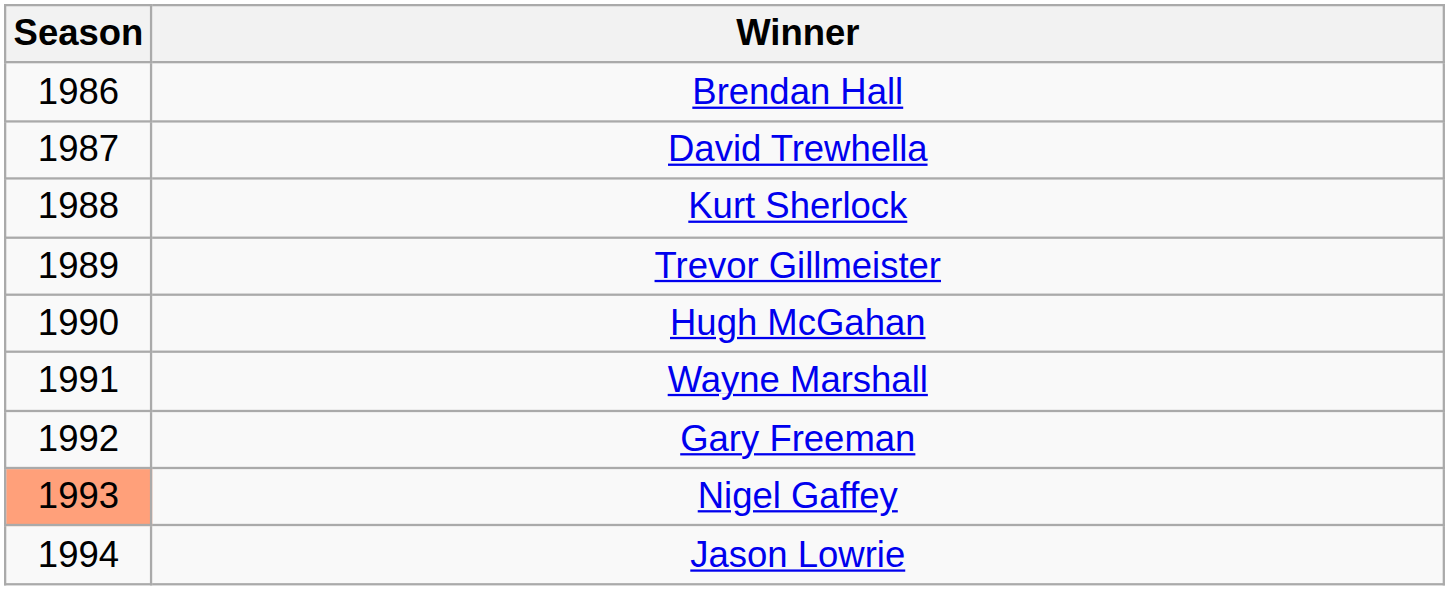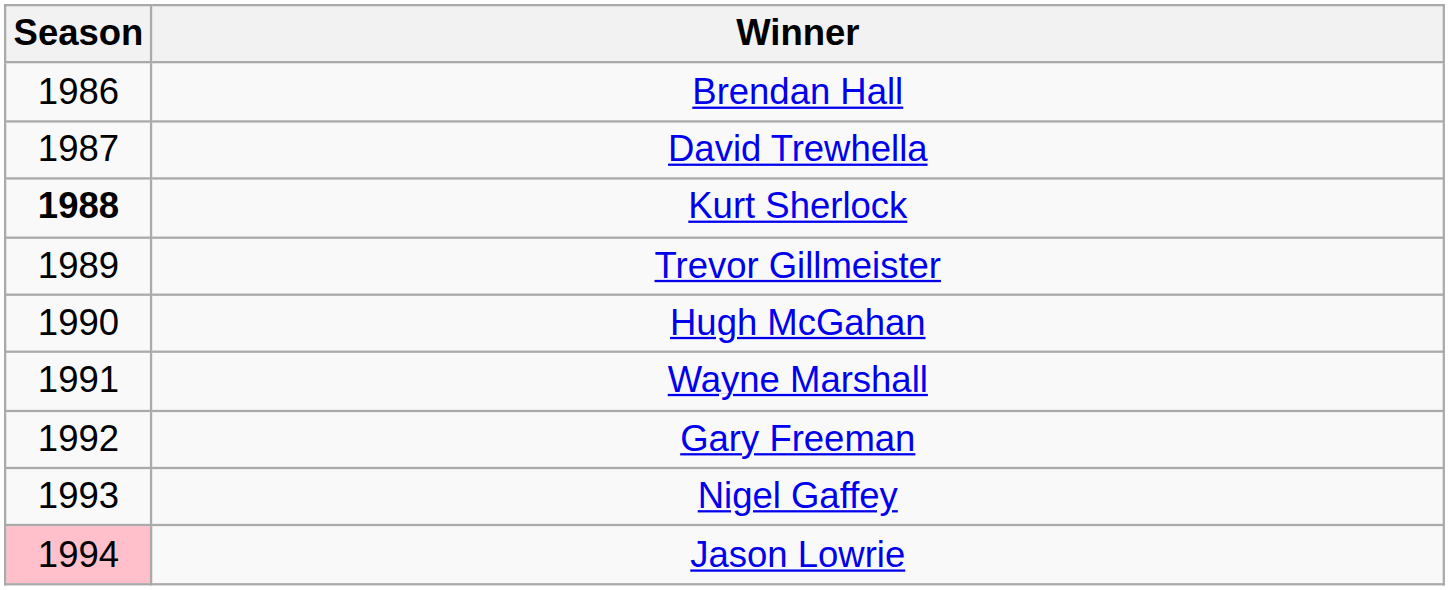 <table class="wikitable" width="50%" style="text-align: center;">
 <tr>
 <th width="5%">Season</th>
 <th width="95%">Winner</th>
 </tr>
 <tr>
 <td>1986</td>
 <td><a href='#'>Brendan Hall</a></td>
 </tr>
 <tr>
 <td>1987</td>
 <td><a href='#'>David Trewhella</a></td>
 </tr>
 <tr>
-<td>1988</td>
+<td><strong>1988</strong></td>
 <td><a href='#'>Kurt Sherlock</a></td>
 </tr>
 <tr>
 <td>1989</td>
 <td><a href='#'>Trevor Gillmeister</a></td>
 </tr>
 <tr>
 <td>1990</td>
 <td><a href='#'>Hugh McGahan</a></td>
 </tr>
 <tr>
 <td>1991</td>
 <td><a href='#'>Wayne Marshall</a></td>
 </tr>
 <tr>
 <td>1992</td>
 <td><a href='#'>Gary Freeman</a></td>
 </tr>
 <tr>
-<td style="background: lightsalmon;">1993</td>
+<td>1993</td>
 <td><a href='#'>Nigel Gaffey</a></td>
 </tr>
 <tr>
-<td>1994</td>
+<td style="background: pink;">1994</td>
 <td><a href='#'>Jason Lowrie</a></td>
 </tr>
 </table>
